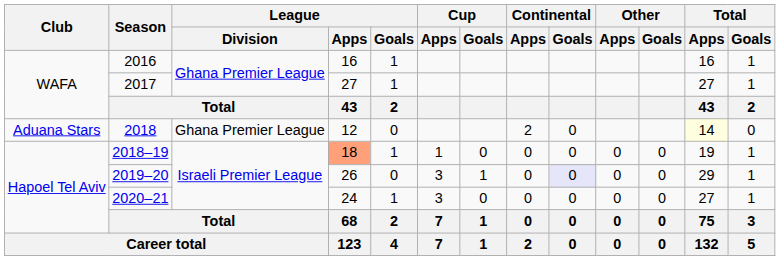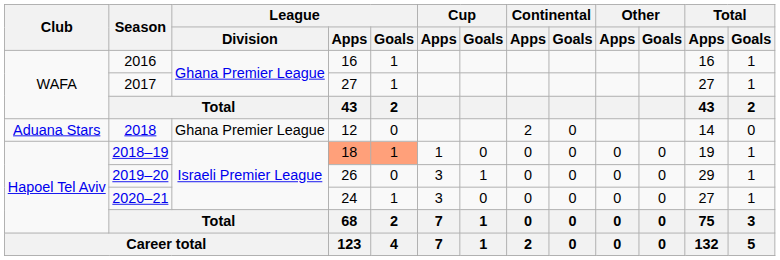 <table class="wikitable" style="text-align:center">
 <tr>
 <th rowspan="2">Club</th>
 <th rowspan="2">Season</th>
 <th colspan="3">League</th>
 <th colspan="2">Cup</th>
 <th colspan="2">Continental</th>
 <th colspan="2">Other</th>
 <th colspan="2">Total</th>
 </tr>
 <tr>
 <th>Division</th>
 <th>Apps</th>
 <th>Goals</th>
 <th>Apps</th>
 <th>Goals</th>
 <th>Apps</th>
 <th>Goals</th>
 <th>Apps</th>
 <th>Goals</th>
 <th>Apps</th>
 <th>Goals</th>
 </tr>
 <tr>
 <td rowspan="3">WAFA</td>
 <td>2016</td>
 <td rowspan="2"><a href='#'>Ghana Premier League</a></td>
 <td>16</td>
 <td>1</td>
 <td></td>
 <td></td>
 <td></td>
 <td></td>
 <td></td>
 <td></td>
 <td>16</td>
 <td>1</td>
 </tr>
 <tr>
 <td>2017</td>
 <td>27</td>
 <td>1</td>
 <td></td>
 <td></td>
 <td></td>
 <td></td>
 <td></td>
 <td></td>
 <td>27</td>
 <td>1</td>
 </tr>
 <tr>
 <th colspan="2">Total</th>
 <th>43</th>
 <th>2</th>
 <th></th>
 <th></th>
 <th></th>
 <th></th>
 <th></th>
 <th></th>
 <th>43</th>
 <th>2</th>
 </tr>
 <tr>
 <td><a href='#'>Aduana Stars</a></td>
 <td><a href='#'>2018</a></td>
 <td>Ghana Premier League</td>
 <td>12</td>
 <td>0</td>
 <td></td>
 <td></td>
 <td>2</td>
 <td>0</td>
 <td></td>
 <td></td>
-<td style="background: lightyellow;">14</td>
+<td>14</td>
 <td>0</td>
 </tr>
 <tr>
 <td rowspan="4"><a href='#'>Hapoel Tel Aviv</a></td>
 <td><a href='#'>2018–19</a></td>
 <td rowspan="3"><a href='#'>Israeli Premier League</a></td>
 <td style="background: lightsalmon;">18</td>
-<td>1</td>
+<td style="background: lightsalmon;">1</td>
 <td>1</td>
 <td>0</td>
 <td>0</td>
 <td>0</td>
 <td>0</td>
 <td>0</td>
 <td>19</td>
 <td>1</td>
 </tr>
 <tr>
 <td><a href='#'>2019–20</a></td>
 <td>26</td>
 <td>0</td>
 <td>3</td>
 <td>1</td>
 <td>0</td>
-<td style="background: lavender;">0</td>
+<td>0</td>
 <td>0</td>
 <td>0</td>
 <td>29</td>
 <td>1</td>
 </tr>
 <tr>
 <td><a href='#'>2020–21</a></td>
 <td>24</td>
 <td>1</td>
 <td>3</td>
 <td>0</td>
 <td>0</td>
 <td>0</td>
 <td>0</td>
 <td>0</td>
 <td>27</td>
 <td>1</td>
 </tr>
 <tr>
 <th colspan="2">Total</th>
 <th>68</th>
 <th>2</th>
 <th>7</th>
 <th>1</th>
 <th>0</th>
 <th>0</th>
 <th>0</th>
 <th>0</th>
 <th>75</th>
 <th>3</th>
 </tr>
 <tr>
 <th colspan="3">Career total</th>
 <th>123</th>
 <th>4</th>
 <th>7</th>
 <th>1</th>
 <th>2</th>
 <th>0</th>
 <th>0</th>
 <th>0</th>
 <th>132</th>
 <th>5</th>
 </tr>
 </table>
